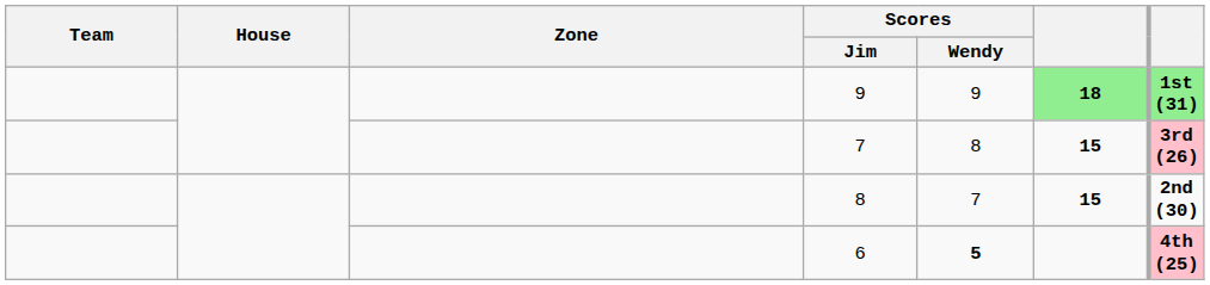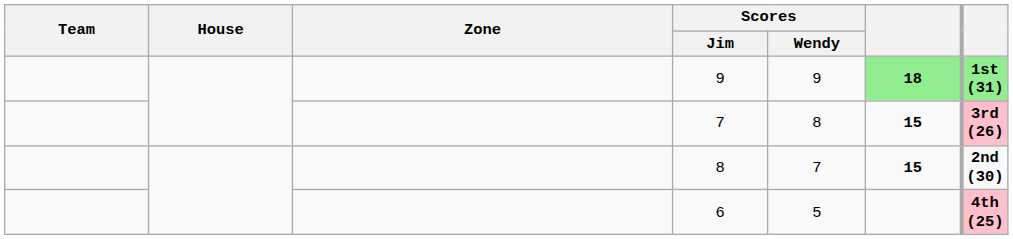 <table class="wikitable plainrowheaders" style="text-align:center; font-size:90%; width:65em;">
 <tr>
 <th rowspan="2">Team</th>
 <th rowspan="2">House</th>
 <th rowspan="2" style="width:40%;">Zone</th>
 <th colspan="2" style="width:30%;">Scores</th>
 <th rowspan="2" style="width:15%;"></th>
 <th rowspan="2" style="width:15%; border-left:3px solid #aaa;"></th>
 </tr>
 <tr>
 <th style="width:10%;">Jim</th>
 <th style="width:10%;">Wendy</th>
 </tr>
 <tr>
 <td style="width:15%;"></td>
 <td rowspan=2 style="width:15%;"><br></td>
 <td></td>
 <td>9</td>
 <td>9</td>
 <td style="background:lightgreen"><strong>18</strong></td>
 <td style="border-left:3px solid #aaa;" bgcolor="lightgreen"><strong>1st (31)</strong></td>
 </tr>
 <tr>
 <td style="width:15%;"></td>
 <td></td>
 <td>7</td>
 <td>8</td>
 <td><strong>15</strong></td>
 <td style="border-left:3px solid #aaa;" bgcolor="pink"><strong>3rd (26)</strong></td>
 </tr>
 <tr>
 <td style="width:15%;"></td>
 <td rowspan=2 style="width:15%;"><br></td>
 <td></td>
 <td>8</td>
 <td>7</td>
 <td><strong>15</strong></td>
 <td style="border-left:3px solid #aaa;"><strong>2nd (30)</strong></td>
 </tr>
 <tr>
 <td style="width:15%;"></td>
 <td></td>
 <td>6</td>
-<td><strong>5</strong></td>
+<td>5</td>
 <td></td>
 <td style="border-left:3px solid #aaa;" bgcolor="pink"><strong>4th (25)</strong></td>
 </tr>
 </table>
